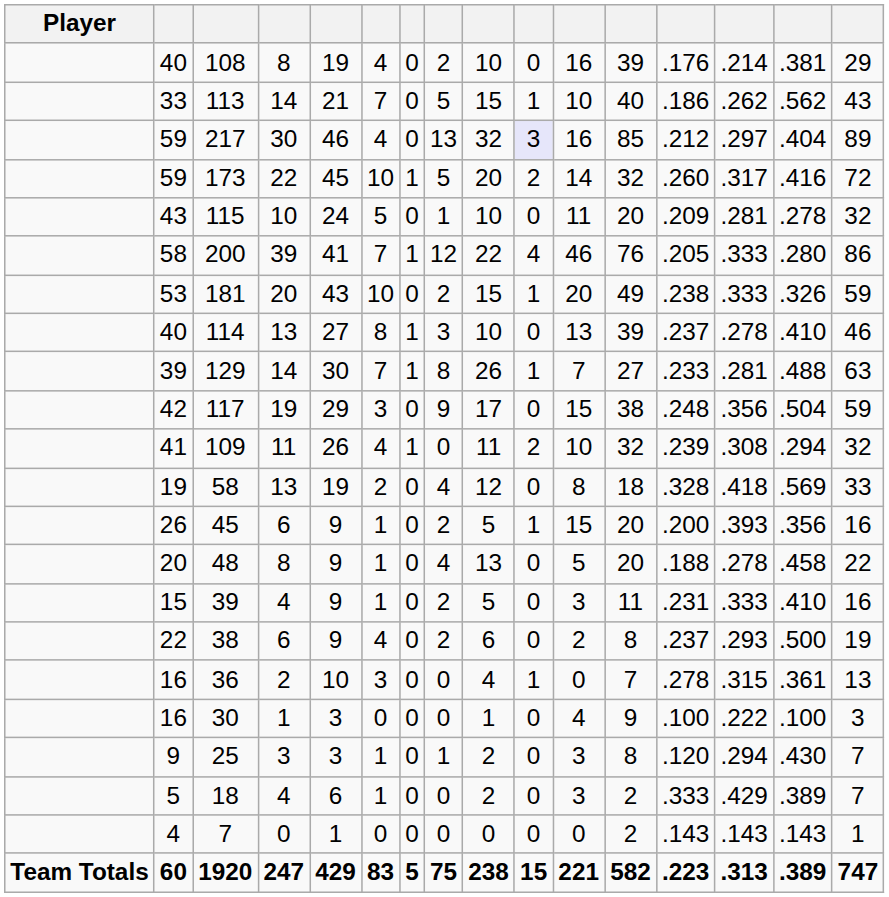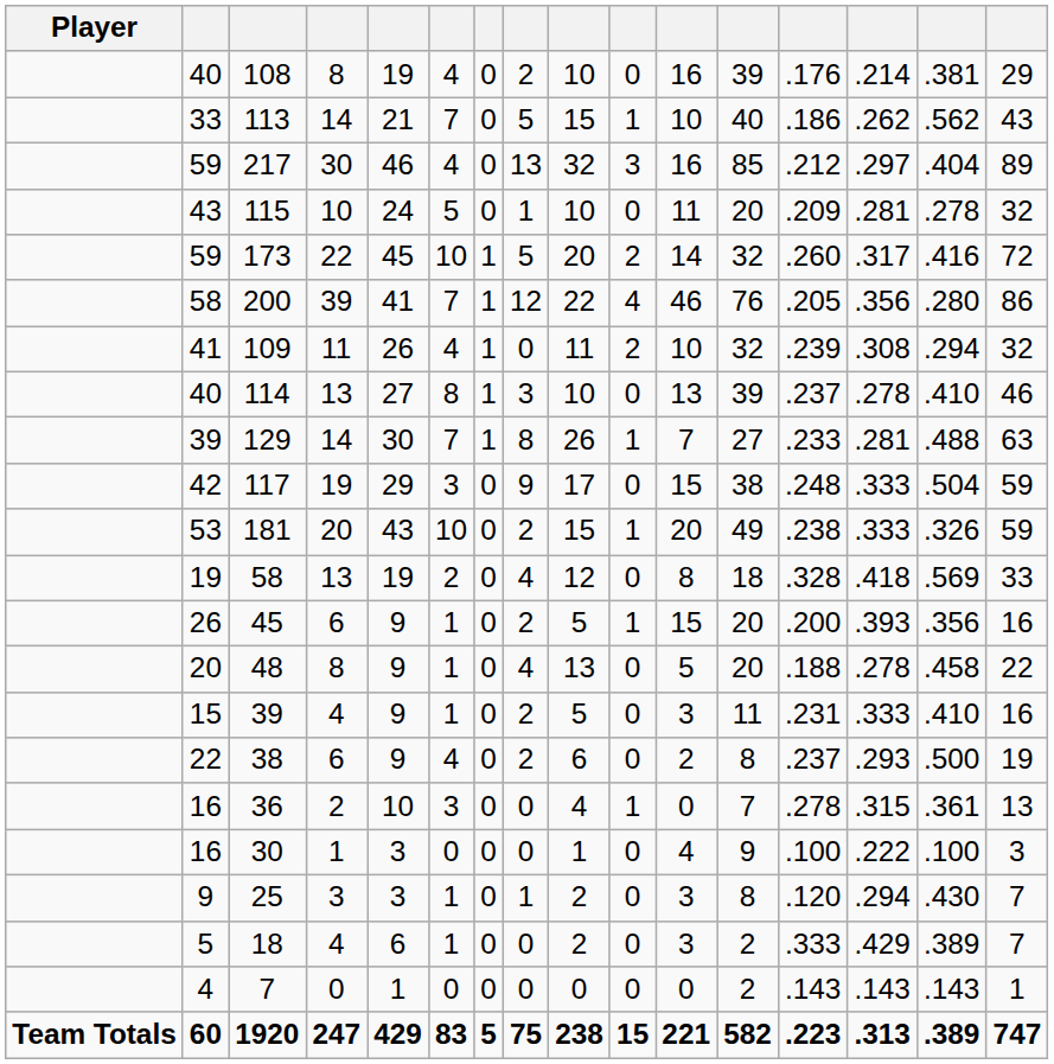 <table class="wikitable sortable" style="text-align:center;">
 <tr>
 <th>Player</th>
 <th></th>
 <th></th>
 <th></th>
 <th></th>
 <th></th>
 <th></th>
 <th></th>
 <th></th>
 <th></th>
 <th></th>
 <th></th>
 <th></th>
 <th></th>
 <th></th>
 <th></th>
 </tr>
 <tr>
 <td align=left></td>
 <td>40</td>
 <td>108</td>
 <td>8</td>
 <td>19</td>
 <td>4</td>
 <td>0</td>
 <td>2</td>
 <td>10</td>
 <td>0</td>
 <td>16</td>
 <td>39</td>
 <td>.176</td>
 <td>.214</td>
 <td>.381</td>
 <td>29</td>
 </tr>
 <tr>
 <td align=left></td>
 <td>33</td>
 <td>113</td>
 <td>14</td>
 <td>21</td>
 <td>7</td>
 <td>0</td>
 <td>5</td>
 <td>15</td>
 <td>1</td>
 <td>10</td>
 <td>40</td>
 <td>.186</td>
 <td>.262</td>
 <td>.562</td>
 <td>43</td>
 </tr>
 <tr>
 <td align=left></td>
 <td>59</td>
 <td>217</td>
 <td>30</td>
 <td>46</td>
 <td>4</td>
 <td>0</td>
 <td>13</td>
 <td>32</td>
-<td style="background: lavender;">3</td>
+<td>3</td>
 <td>16</td>
 <td>85</td>
 <td>.212</td>
 <td>.297</td>
 <td>.404</td>
 <td>89</td>
+</tr>
+<tr>
+<td align=left></td>
+<td>43</td>
+<td>115</td>
+<td>10</td>
+<td>24</td>
+<td>5</td>
+<td>0</td>
+<td>1</td>
+<td>10</td>
+<td>0</td>
+<td>11</td>
+<td>20</td>
+<td>.209</td>
+<td>.281</td>
+<td>.278</td>
+<td>32</td>
 </tr>
 <tr>
 <td align=left></td>
 <td>59</td>
 <td>173</td>
 <td>22</td>
 <td>45</td>
 <td>10</td>
 <td>1</td>
 <td>5</td>
 <td>20</td>
 <td>2</td>
 <td>14</td>
 <td>32</td>
 <td>.260</td>
 <td>.317</td>
 <td>.416</td>
 <td>72</td>
 </tr>
 <tr>
 <td align=left></td>
-<td>43</td>
-<td>115</td>
-<td>10</td>
-<td>24</td>
-<td>5</td>
-<td>0</td>
-<td>1</td>
-<td>10</td>
-<td>0</td>
-<td>11</td>
-<td>20</td>
-<td>.209</td>
-<td>.281</td>
-<td>.278</td>
-<td>32</td>
-</tr>
-<tr>
-<td align=left></td>
 <td>58</td>
 <td>200</td>
 <td>39</td>
 <td>41</td>
 <td>7</td>
 <td>1</td>
 <td>12</td>
 <td>22</td>
 <td>4</td>
 <td>46</td>
 <td>76</td>
 <td>.205</td>
-<td>.333</td>
+<td>.356</td>
 <td>.280</td>
 <td>86</td>
 </tr>
 <tr>
 <td align=left></td>
-<td>53</td>
-<td>181</td>
-<td>20</td>
-<td>43</td>
+<td>41</td>
+<td>109</td>
+<td>11</td>
+<td>26</td>
+<td>4</td>
+<td>1</td>
+<td>0</td>
+<td>11</td>
+<td>2</td>
 <td>10</td>
-<td>0</td>
-<td>2</td>
-<td>15</td>
-<td>1</td>
-<td>20</td>
-<td>49</td>
-<td>.238</td>
-<td>.333</td>
-<td>.326</td>
-<td>59</td>
+<td>32</td>
+<td>.239</td>
+<td>.308</td>
+<td>.294</td>
+<td>32</td>
 </tr>
 <tr>
 <td align=left></td>
 <td>40</td>
 <td>114</td>
 <td>13</td>
 <td>27</td>
 <td>8</td>
 <td>1</td>
 <td>3</td>
 <td>10</td>
 <td>0</td>
 <td>13</td>
 <td>39</td>
 <td>.237</td>
 <td>.278</td>
 <td>.410</td>
 <td>46</td>
 </tr>
 <tr>
 <td align=left></td>
 <td>39</td>
 <td>129</td>
 <td>14</td>
 <td>30</td>
 <td>7</td>
 <td>1</td>
 <td>8</td>
 <td>26</td>
 <td>1</td>
 <td>7</td>
 <td>27</td>
 <td>.233</td>
 <td>.281</td>
 <td>.488</td>
 <td>63</td>
 </tr>
 <tr>
 <td align=left></td>
 <td>42</td>
 <td>117</td>
 <td>19</td>
 <td>29</td>
 <td>3</td>
 <td>0</td>
 <td>9</td>
 <td>17</td>
 <td>0</td>
 <td>15</td>
 <td>38</td>
 <td>.248</td>
-<td>.356</td>
+<td>.333</td>
 <td>.504</td>
 <td>59</td>
 </tr>
 <tr>
 <td align=left></td>
-<td>41</td>
-<td>109</td>
-<td>11</td>
-<td>26</td>
-<td>4</td>
+<td>53</td>
+<td>181</td>
+<td>20</td>
+<td>43</td>
+<td>10</td>
+<td>0</td>
+<td>2</td>
+<td>15</td>
 <td>1</td>
-<td>0</td>
-<td>11</td>
-<td>2</td>
-<td>10</td>
-<td>32</td>
-<td>.239</td>
-<td>.308</td>
-<td>.294</td>
-<td>32</td>
+<td>20</td>
+<td>49</td>
+<td>.238</td>
+<td>.333</td>
+<td>.326</td>
+<td>59</td>
 </tr>
 <tr>
 <td align=left></td>
 <td>19</td>
 <td>58</td>
 <td>13</td>
 <td>19</td>
 <td>2</td>
 <td>0</td>
 <td>4</td>
 <td>12</td>
 <td>0</td>
 <td>8</td>
 <td>18</td>
 <td>.328</td>
 <td>.418</td>
 <td>.569</td>
 <td>33</td>
 </tr>
 <tr>
 <td align=left></td>
 <td>26</td>
 <td>45</td>
 <td>6</td>
 <td>9</td>
 <td>1</td>
 <td>0</td>
 <td>2</td>
 <td>5</td>
 <td>1</td>
 <td>15</td>
 <td>20</td>
 <td>.200</td>
 <td>.393</td>
 <td>.356</td>
 <td>16</td>
 </tr>
 <tr>
 <td align=left></td>
 <td>20</td>
 <td>48</td>
 <td>8</td>
 <td>9</td>
 <td>1</td>
 <td>0</td>
 <td>4</td>
 <td>13</td>
 <td>0</td>
 <td>5</td>
 <td>20</td>
 <td>.188</td>
 <td>.278</td>
 <td>.458</td>
 <td>22</td>
 </tr>
 <tr>
 <td align=left></td>
 <td>15</td>
 <td>39</td>
 <td>4</td>
 <td>9</td>
 <td>1</td>
 <td>0</td>
 <td>2</td>
 <td>5</td>
 <td>0</td>
 <td>3</td>
 <td>11</td>
 <td>.231</td>
 <td>.333</td>
 <td>.410</td>
 <td>16</td>
 </tr>
 <tr>
 <td align=left></td>
 <td>22</td>
 <td>38</td>
 <td>6</td>
 <td>9</td>
 <td>4</td>
 <td>0</td>
 <td>2</td>
 <td>6</td>
 <td>0</td>
 <td>2</td>
 <td>8</td>
 <td>.237</td>
 <td>.293</td>
 <td>.500</td>
 <td>19</td>
 </tr>
 <tr>
 <td align=left></td>
 <td>16</td>
 <td>36</td>
 <td>2</td>
 <td>10</td>
 <td>3</td>
 <td>0</td>
 <td>0</td>
 <td>4</td>
 <td>1</td>
 <td>0</td>
 <td>7</td>
 <td>.278</td>
 <td>.315</td>
 <td>.361</td>
 <td>13</td>
 </tr>
 <tr>
 <td align=left></td>
 <td>16</td>
 <td>30</td>
 <td>1</td>
 <td>3</td>
 <td>0</td>
 <td>0</td>
 <td>0</td>
 <td>1</td>
 <td>0</td>
 <td>4</td>
 <td>9</td>
 <td>.100</td>
 <td>.222</td>
 <td>.100</td>
 <td>3</td>
 </tr>
 <tr>
 <td align=left></td>
 <td>9</td>
 <td>25</td>
 <td>3</td>
 <td>3</td>
 <td>1</td>
 <td>0</td>
 <td>1</td>
 <td>2</td>
 <td>0</td>
 <td>3</td>
 <td>8</td>
 <td>.120</td>
 <td>.294</td>
 <td>.430</td>
 <td>7</td>
 </tr>
 <tr>
 <td align=left></td>
 <td>5</td>
 <td>18</td>
 <td>4</td>
 <td>6</td>
 <td>1</td>
 <td>0</td>
 <td>0</td>
 <td>2</td>
 <td>0</td>
 <td>3</td>
 <td>2</td>
 <td>.333</td>
 <td>.429</td>
 <td>.389</td>
 <td>7</td>
 </tr>
 <tr>
 <td align=left></td>
 <td>4</td>
 <td>7</td>
 <td>0</td>
 <td>1</td>
 <td>0</td>
 <td>0</td>
 <td>0</td>
 <td>0</td>
 <td>0</td>
 <td>0</td>
 <td>2</td>
 <td>.143</td>
 <td>.143</td>
 <td>.143</td>
 <td>1</td>
 </tr>
 <tr>
 <td align=left><strong>Team Totals</strong></td>
 <td><strong>60</strong></td>
 <td><strong>1920</strong></td>
 <td><strong>247</strong></td>
 <td><strong>429</strong></td>
 <td><strong>83</strong></td>
 <td><strong>5</strong></td>
 <td><strong>75</strong></td>
 <td><strong>238</strong></td>
 <td><strong>15</strong></td>
 <td><strong>221</strong></td>
 <td><strong>582</strong></td>
 <td><strong>.223</strong></td>
 <td><strong>.313</strong></td>
 <td><strong>.389</strong></td>
 <td><strong>747</strong></td>
 </tr>
 <tr class="sortbottom|}">
 </tr>
 </table>
